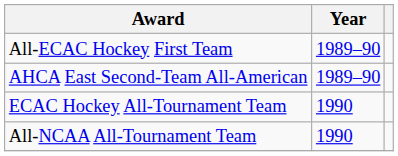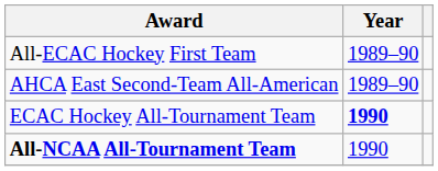 <table class="wikitable">
 <tr>
 <th>Award</th>
 <th>Year</th>
 <th></th>
 </tr>
 <tr>
 <td>All-<a href='#'>ECAC Hockey</a> <a href='#'>First Team</a></td>
 <td><a href='#'>1989–90</a></td>
 <td></td>
 </tr>
 <tr>
 <td><a href='#'>AHCA</a> <a href='#'>East Second-Team All-American</a></td>
 <td><a href='#'>1989–90</a></td>
 <td></td>
 </tr>
 <tr>
 <td><a href='#'>ECAC Hockey</a> <a href='#'>All-Tournament Team</a></td>
-<td><a href='#'>1990</a></td>
+<td><strong><a href='#'>1990</a></strong></td>
 <td></td>
 </tr>
 <tr>
-<td>All-<a href='#'>NCAA</a> <a href='#'>All-Tournament Team</a></td>
+<td><strong>All-<a href='#'>NCAA</a> <a href='#'>All-Tournament Team</a></strong></td>
 <td><a href='#'>1990</a></td>
 <td></td>
 </tr>
 <tr>
 </tr>
 </table>
